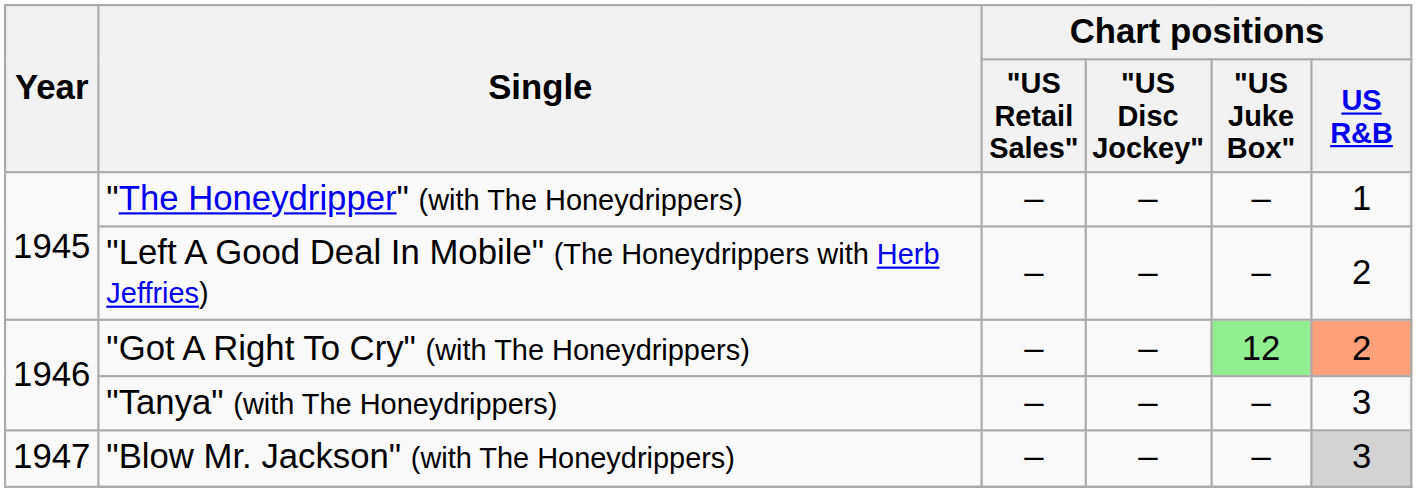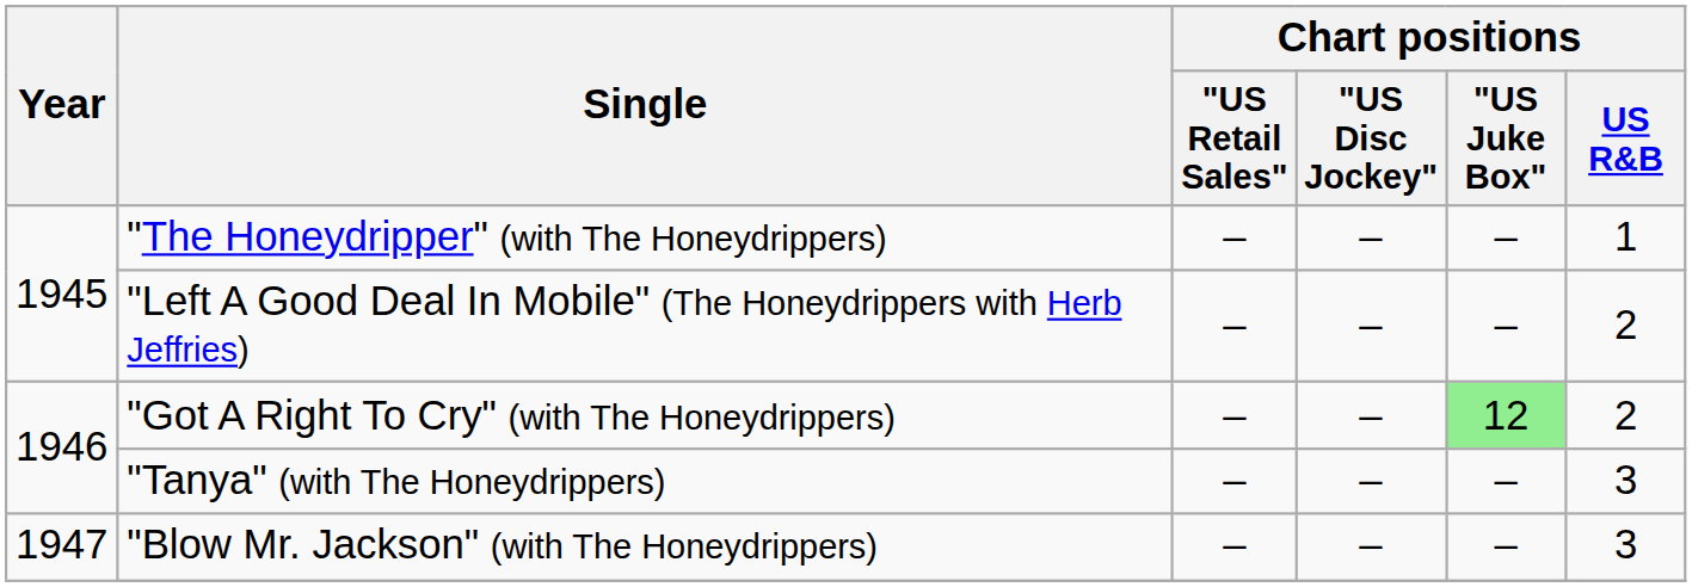 <table class="wikitable" style="text-align:center;">
 <tr>
 <th rowspan="2">Year</th>
 <th style="width:400px;" rowspan="2">Single</th>
 <th colspan="5">Chart positions</th>
 </tr>
 <tr style="font-size:smaller;">
 <th style="width:40px;">"US Retail Sales"</th>
 <th style="width:40px;">"US Disc Jockey"</th>
 <th style="width:40px;">"US Juke Box"</th>
 <th style="width:40px;"><a href='#'>US<br>R&B</a></th>
 </tr>
 <tr>
 <td rowspan="2">1945</td>
 <td style="text-align:left;">"<a href='#'>The Honeydripper</a>" <small>(with The Honeydrippers)</small></td>
 <td>–</td>
 <td>–</td>
 <td>–</td>
 <td>1</td>
 </tr>
 <tr>
 <td style="text-align:left;">"Left A Good Deal In Mobile" <small>(The Honeydrippers with <a href='#'>Herb Jeffries</a>)</small></td>
 <td>–</td>
 <td>–</td>
 <td>–</td>
 <td>2</td>
 </tr>
 <tr>
 <td rowspan="2">1946</td>
 <td style="text-align:left;">"Got A Right To Cry" <small>(with The Honeydrippers)</small></td>
 <td>–</td>
 <td>–</td>
 <td style="background: lightgreen;">12</td>
-<td style="background: lightsalmon;">2</td>
+<td>2</td>
 </tr>
 <tr>
 <td style="text-align:left;">"Tanya" <small>(with The Honeydrippers)</small></td>
 <td>–</td>
 <td>–</td>
 <td>–</td>
 <td>3</td>
 </tr>
 <tr>
 <td rowspan="5">1947</td>
 <td style="text-align:left;">"Blow Mr. Jackson" <small>(with The Honeydrippers)</small></td>
 <td>–</td>
 <td>–</td>
 <td>–</td>
-<td style="background: lightgrey;">3</td>
+<td>3</td>
 </tr>
 <tr>
 </tr>
 </table>
